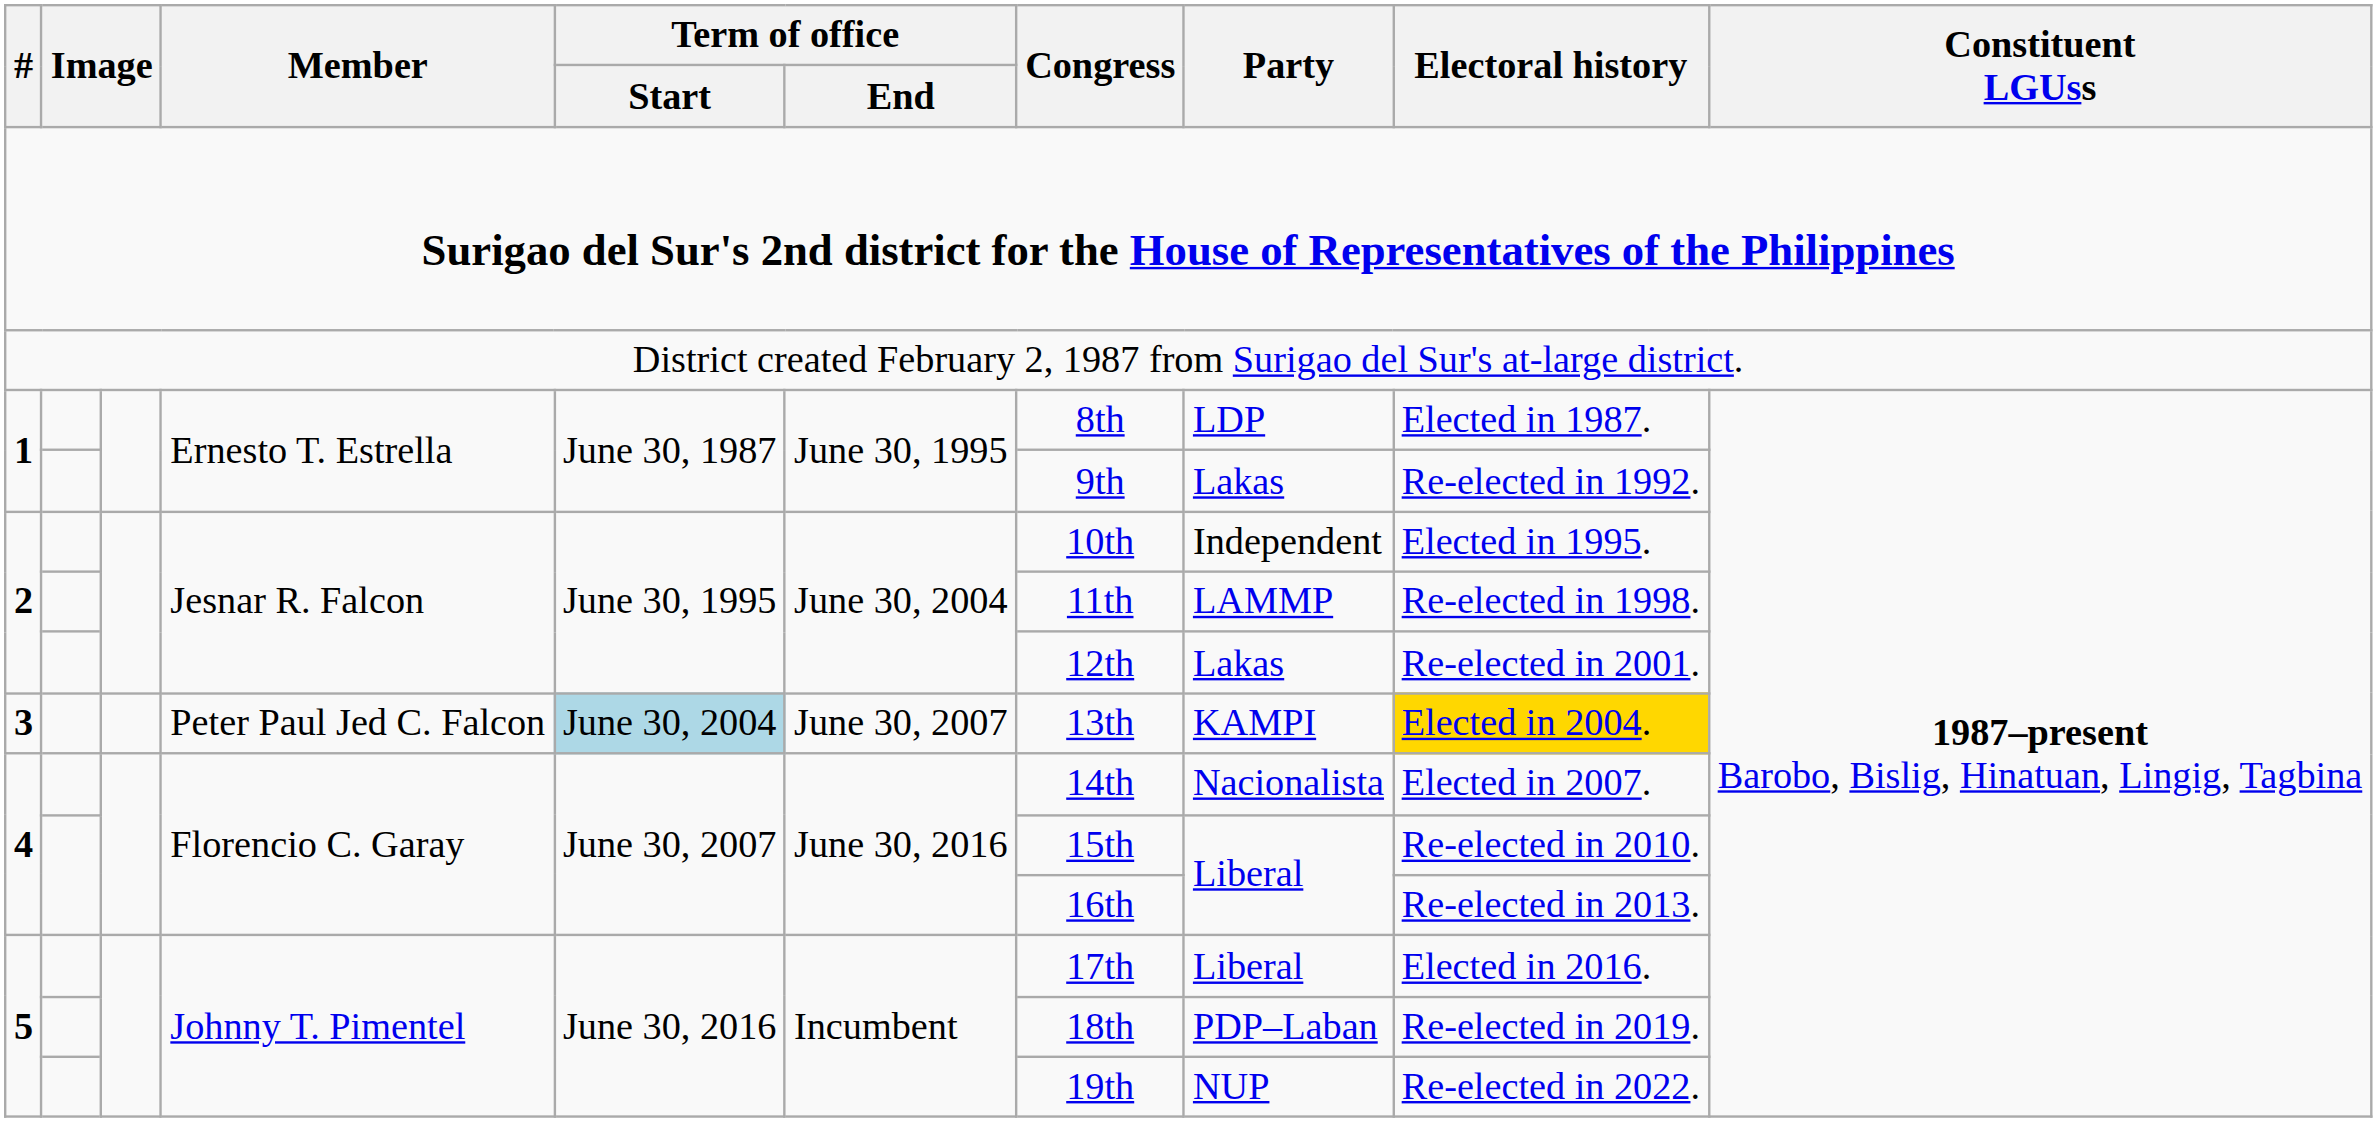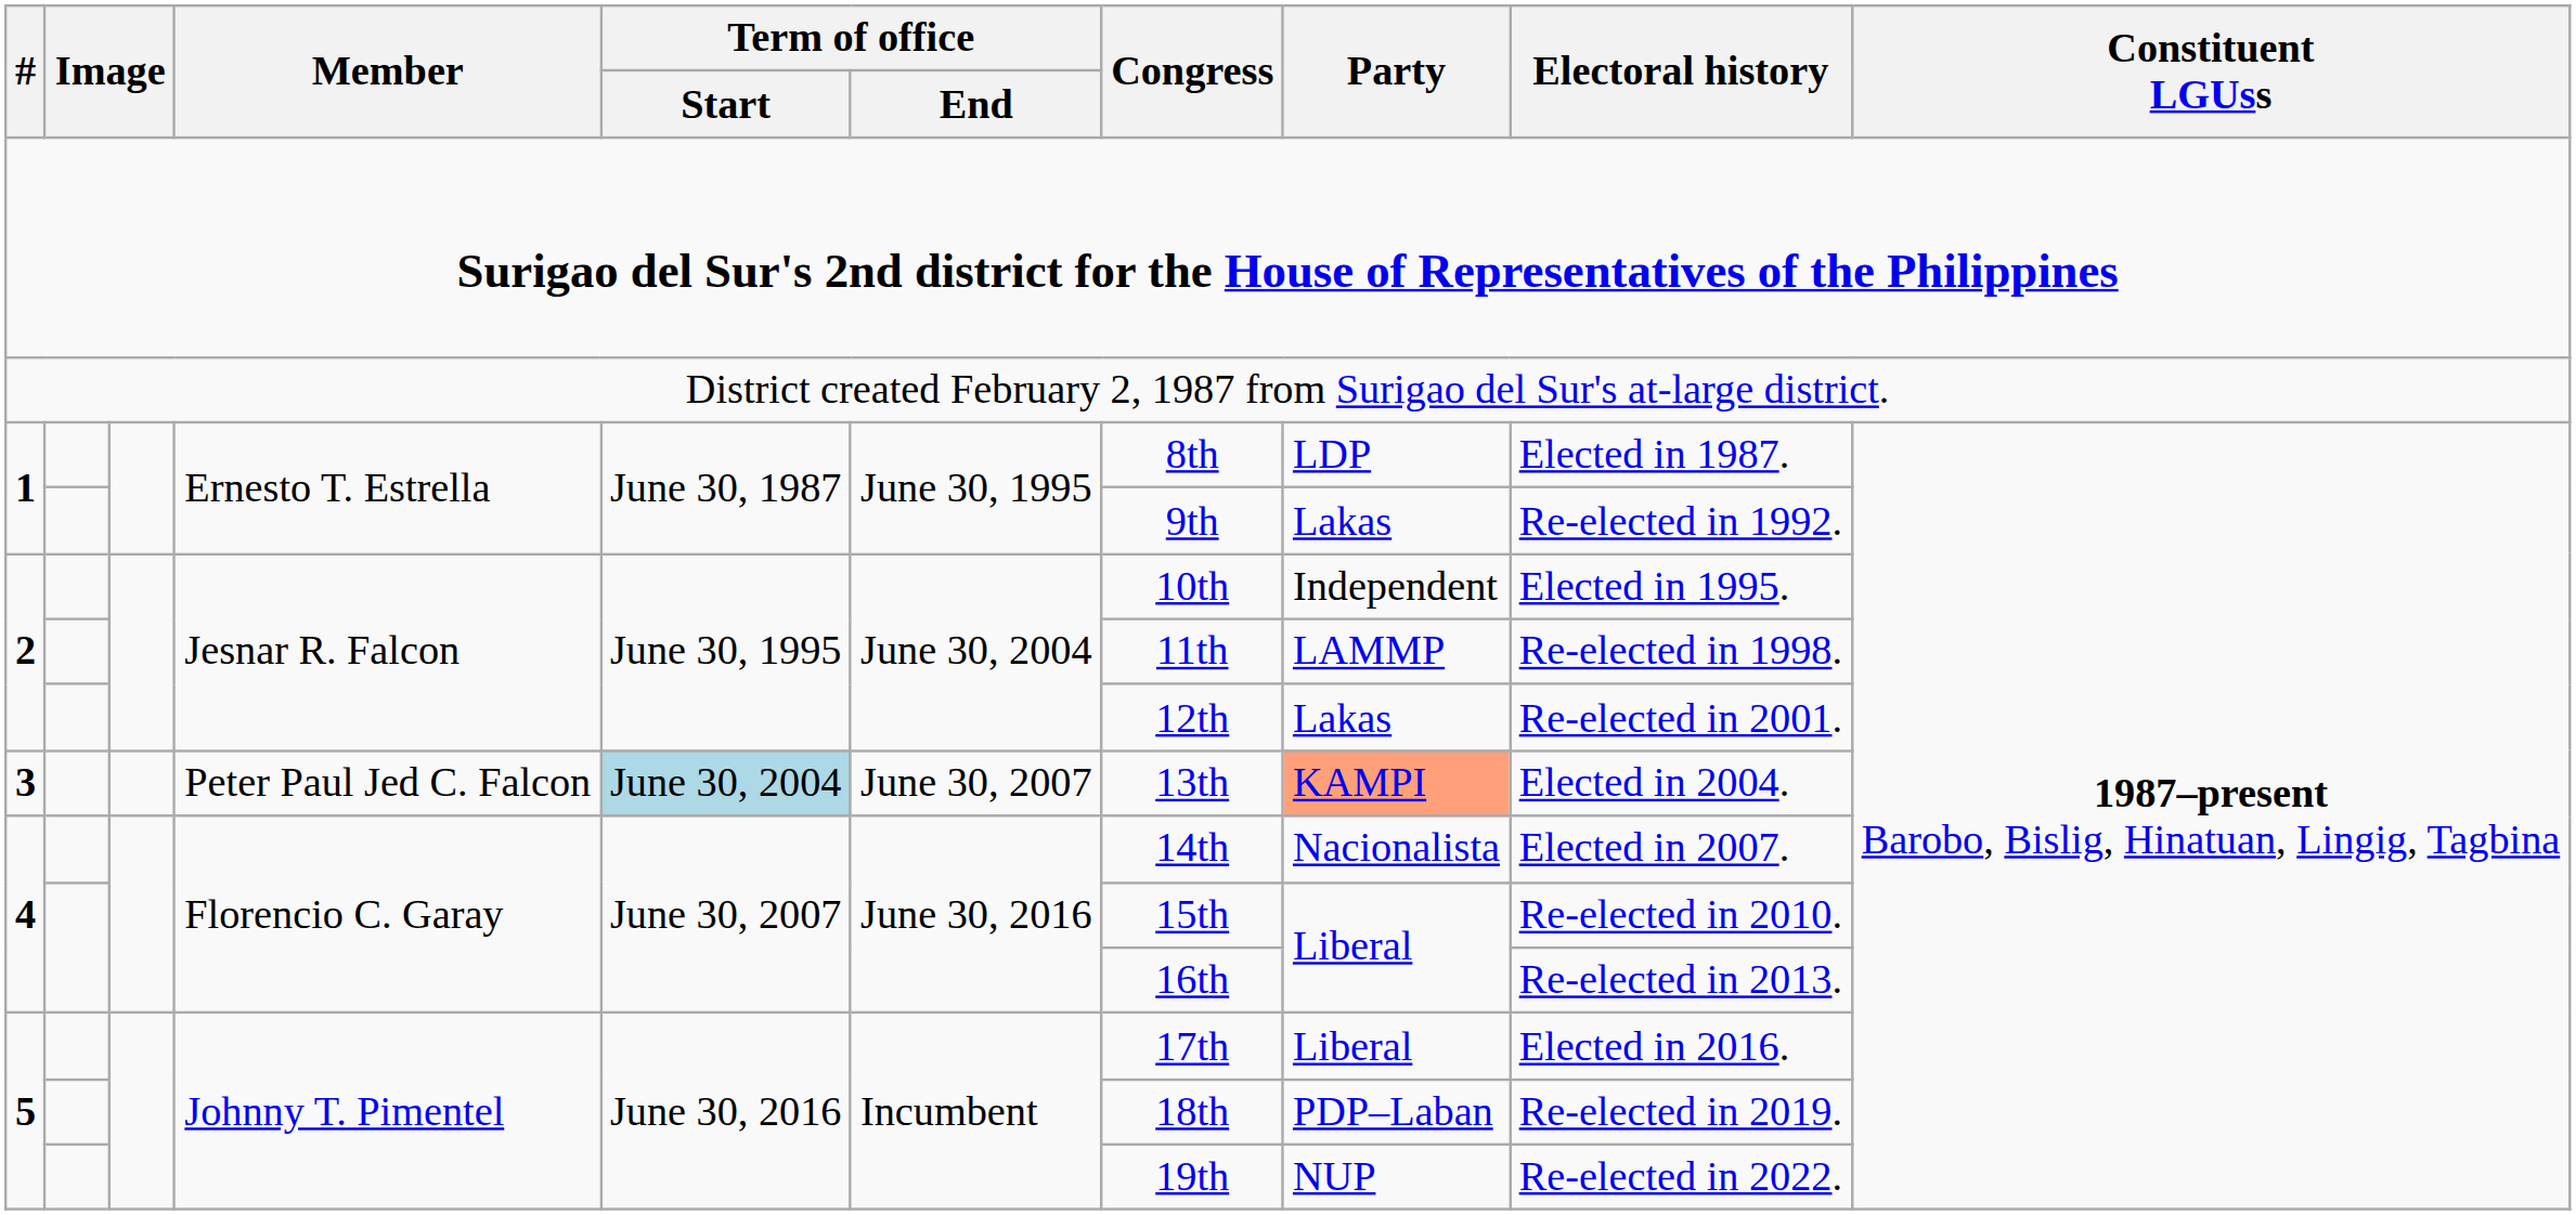 <table class=wikitable>
 <tr>
 <th rowspan="2">#</th>
 <th rowspan="2" colspan=2>Image</th>
 <th rowspan="2">Member</th>
 <th colspan=2>Term of office</th>
 <th rowspan="2">Congress</th>
 <th rowspan="2">Party</th>
 <th rowspan="2">Electoral history</th>
 <th rowspan="2">Constituent<br><a href='#'>LGUs</a>s</th>
 </tr>
 <tr>
 <th>Start</th>
 <th>End</th>
 </tr>
 <tr>
 <td colspan="10" style="text-align:center;"><br><h3>Surigao del Sur's 2nd district for the <a href='#'>House of Representatives of the Philippines</a></h3></td>
 </tr>
 <tr>
 <td colspan="10" style="text-align:center;">District created February 2, 1987 from <a href='#'>Surigao del Sur's at-large district</a>.</td>
 </tr>
 <tr>
 <td rowspan="2" style="text-align:center;"><strong>1</strong></td>
 <td style="color:inherit;background:"></td>
 <td rowspan="2"></td>
 <td rowspan="2">Ernesto T. Estrella</td>
 <td rowspan="2">June 30, 1987</td>
 <td rowspan="2">June 30, 1995</td>
 <td style="text-align:center;"><a href='#'>8th</a></td>
 <td><a href='#'>LDP</a></td>
 <td><a href='#'>Elected in 1987</a>.</td>
 <td rowspan="12" style="text-align:center;"><strong>1987–present</strong><br><a href='#'>Barobo</a>, <a href='#'>Bislig</a>, <a href='#'>Hinatuan</a>, <a href='#'>Lingig</a>, <a href='#'>Tagbina</a></td>
 </tr>
 <tr>
 <td style="color:inherit;background:"></td>
 <td style="text-align:center;"><a href='#'>9th</a></td>
 <td><a href='#'>Lakas</a></td>
 <td><a href='#'>Re-elected in 1992</a>.</td>
 </tr>
 <tr>
 <td rowspan="3" style="text-align:center;"><strong>2</strong></td>
 <td style="color:inherit;background:"></td>
 <td rowspan="3"></td>
 <td rowspan="3">Jesnar R. Falcon</td>
 <td rowspan="3">June 30, 1995</td>
 <td rowspan="3">June 30, 2004</td>
 <td style="text-align:center;"><a href='#'>10th</a></td>
 <td>Independent</td>
 <td><a href='#'>Elected in 1995</a>.</td>
 </tr>
 <tr>
 <td style="color:inherit;background:"></td>
 <td style="text-align:center;"><a href='#'>11th</a></td>
 <td><a href='#'>LAMMP</a></td>
 <td><a href='#'>Re-elected in 1998</a>.</td>
 </tr>
 <tr>
 <td style="color:inherit;background:"></td>
 <td style="text-align:center;"><a href='#'>12th</a></td>
 <td><a href='#'>Lakas</a></td>
 <td><a href='#'>Re-elected in 2001</a>.</td>
 </tr>
 <tr>
 <td style="text-align:center;"><strong>3</strong></td>
 <td style="color:inherit;background:"></td>
 <td></td>
 <td>Peter Paul Jed C. Falcon</td>
 <td style="background: lightblue;">June 30, 2004</td>
 <td>June 30, 2007</td>
 <td style="text-align:center;"><a href='#'>13th</a></td>
-<td><a href='#'>KAMPI</a></td>
-<td style="background: gold;"><a href='#'>Elected in 2004</a>.</td>
+<td style="background: lightsalmon;"><a href='#'>KAMPI</a></td>
+<td><a href='#'>Elected in 2004</a>.</td>
 </tr>
 <tr>
 <td rowspan="3" style="text-align:center;"><strong>4</strong></td>
 <td style="color:inherit;background:"></td>
 <td rowspan="3"></td>
 <td rowspan="3">Florencio C. Garay</td>
 <td rowspan="3">June 30, 2007</td>
 <td rowspan="3">June 30, 2016</td>
 <td style="text-align:center;"><a href='#'>14th</a></td>
 <td><a href='#'>Nacionalista</a></td>
 <td><a href='#'>Elected in 2007</a>.</td>
 </tr>
 <tr>
 <td rowspan="2" style="color:inherit;background:"></td>
 <td style="text-align:center;"><a href='#'>15th</a></td>
 <td rowspan="2"><a href='#'>Liberal</a></td>
 <td><a href='#'>Re-elected in 2010</a>.</td>
 </tr>
 <tr>
 <td style="text-align:center;"><a href='#'>16th</a></td>
 <td><a href='#'>Re-elected in 2013</a>.</td>
 </tr>
 <tr>
 <td rowspan="3" style="text-align:center;"><strong>5</strong></td>
 <td style="color:inherit;background:"></td>
 <td rowspan="3"></td>
 <td rowspan="3"><a href='#'>Johnny T. Pimentel</a></td>
 <td rowspan="3">June 30, 2016</td>
 <td rowspan="3">Incumbent</td>
 <td style="text-align:center;"><a href='#'>17th</a></td>
 <td><a href='#'>Liberal</a></td>
 <td><a href='#'>Elected in 2016</a>.</td>
 </tr>
 <tr>
 <td style="color:inherit;background:"></td>
 <td style="text-align:center;"><a href='#'>18th</a></td>
 <td><a href='#'>PDP–Laban</a></td>
 <td><a href='#'>Re-elected in 2019</a>.</td>
 </tr>
 <tr>
 <td style="color:inherit;background:"></td>
 <td style="text-align:center;"><a href='#'>19th</a></td>
 <td><a href='#'>NUP</a></td>
 <td><a href='#'>Re-elected in 2022</a>.</td>
 </tr>
 </table>
